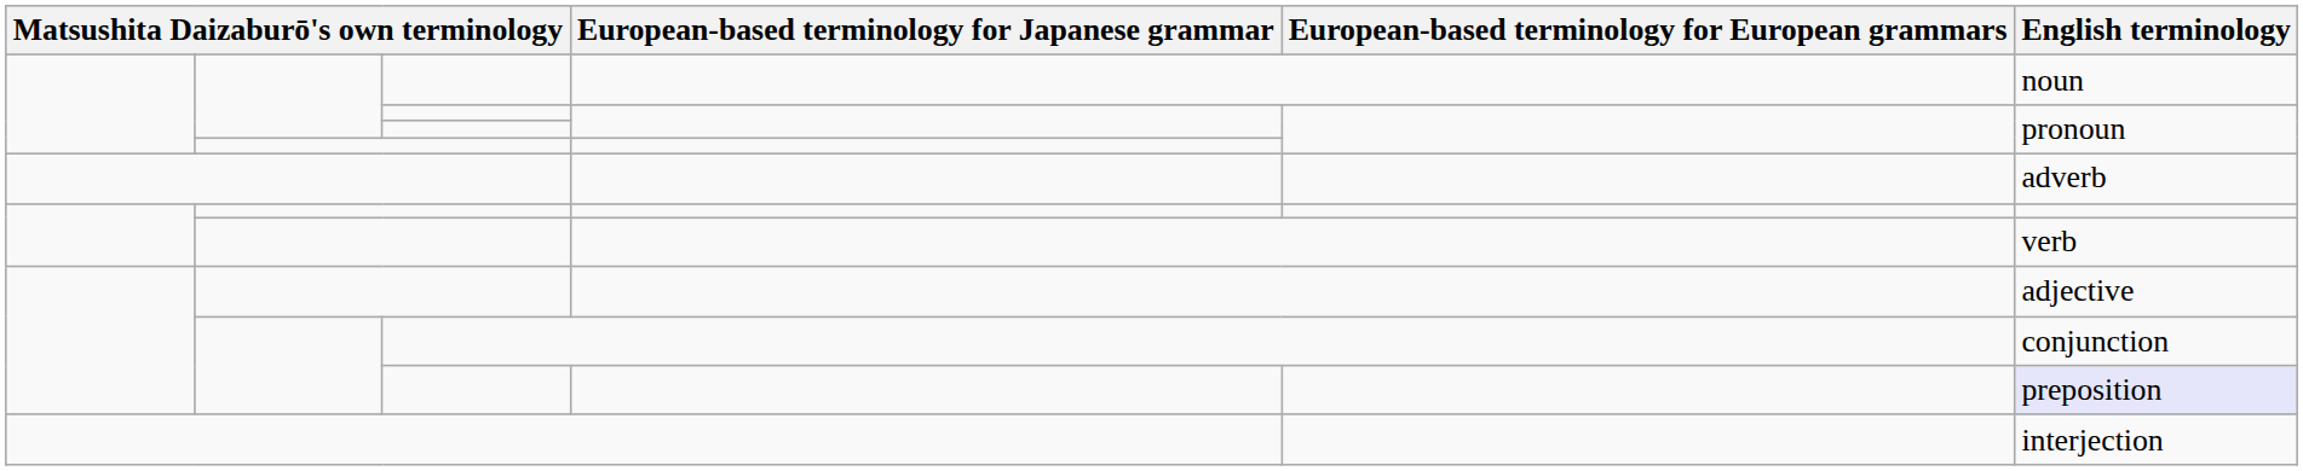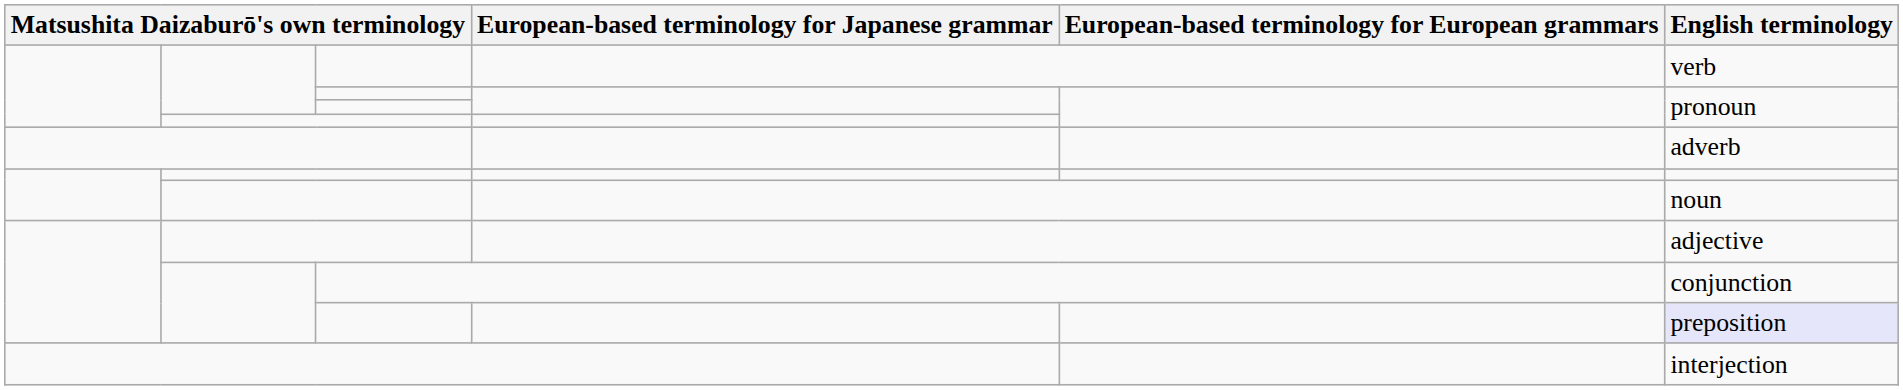 <table class=wikitable>
 <tr>
 <th colspan=3>Matsushita Daizaburō's own terminology</th>
 <th>European-based terminology for Japanese grammar</th>
 <th>European-based terminology for European grammars</th>
 <th>English terminology</th>
 </tr>
 <tr>
 <td rowspan=4></td>
 <td rowspan=3></td>
 <td></td>
 <td colspan=2></td>
-<td>noun</td>
+<td>verb</td>
 </tr>
 <tr>
 <td></td>
 <td rowspan=2></td>
 <td rowspan=3></td>
 <td rowspan=3>pronoun</td>
 </tr>
 <tr>
 <td></td>
 </tr>
 <tr>
 <td colspan=2></td>
 <td></td>
 </tr>
 <tr>
 <td colspan=3></td>
 <td></td>
 <td></td>
 <td>adverb</td>
 </tr>
 <tr>
 <td rowspan=2></td>
 <td colspan=2></td>
 <td></td>
 <td></td>
 </tr>
 <tr>
 <td colspan=2></td>
 <td colspan=2></td>
-<td>verb</td>
+<td>noun</td>
 </tr>
 <tr>
 <td rowspan=3></td>
 <td colspan=2></td>
 <td colspan=2></td>
 <td>adjective</td>
 </tr>
 <tr>
 <td rowspan=2></td>
 <td colspan=3></td>
 <td>conjunction</td>
 </tr>
 <tr>
 <td></td>
 <td></td>
 <td></td>
 <td style="background: lavender;">preposition</td>
 </tr>
 <tr>
 <td colspan=4></td>
 <td></td>
 <td>interjection</td>
 </tr>
 </table>
